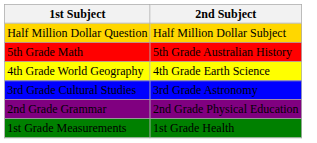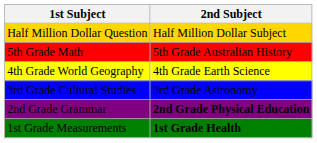 <table class="wikitable">
 <tr>
 <th>1st Subject</th>
 <th>2nd Subject</th>
 </tr>
 <tr>
 <td bgcolor="gold">Half Million Dollar Question</td>
 <td bgcolor="gold">Half Million Dollar Subject</td>
 </tr>
 <tr>
 <td bgcolor="red">5th Grade Math</td>
 <td bgcolor="red">5th Grade Australian History</td>
 </tr>
 <tr>
 <td bgcolor="yellow">4th Grade World Geography</td>
 <td bgcolor="yellow">4th Grade Earth Science</td>
 </tr>
 <tr>
 <td bgcolor="blue">3rd Grade Cultural Studies</td>
 <td bgcolor="blue">3rd Grade Astronomy</td>
 </tr>
 <tr>
 <td bgcolor="purple">2nd Grade Grammar</td>
-<td bgcolor="purple">2nd Grade Physical Education</td>
+<td bgcolor="purple"><strong>2nd Grade Physical Education</strong></td>
 </tr>
 <tr>
 <td bgcolor="green">1st Grade Measurements</td>
-<td bgcolor="green">1st Grade Health</td>
+<td bgcolor="green"><strong>1st Grade Health</strong></td>
 </tr>
 </table>
